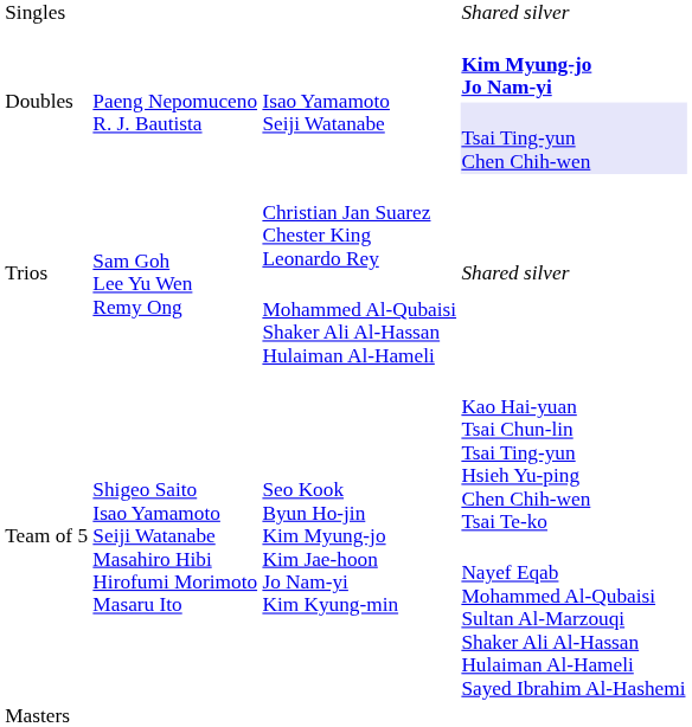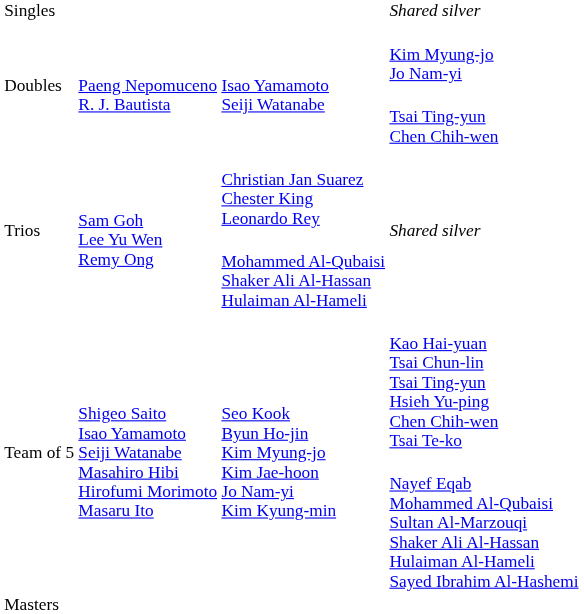 <table>
 <tr>
 <td rowspan=2>Singles<br></td>
 <td rowspan=2></td>
 <td></td>
 <td rowspan=2><em>Shared silver</em></td>
 </tr>
 <tr>
 <td></td>
 </tr>
 <tr>
 <td rowspan=2>Doubles<br></td>
 <td rowspan=2><br><a href='#'>Paeng Nepomuceno</a><br><a href='#'>R. J. Bautista</a></td>
 <td rowspan=2><br><a href='#'>Isao Yamamoto</a><br><a href='#'>Seiji Watanabe</a></td>
-<td><strong><br><a href='#'>Kim Myung-jo</a><br><a href='#'>Jo Nam-yi</a></strong></td>
+<td><br><a href='#'>Kim Myung-jo</a><br><a href='#'>Jo Nam-yi</a></td>
 </tr>
 <tr>
-<td style="background: lavender;"><br><a href='#'>Tsai Ting-yun</a><br><a href='#'>Chen Chih-wen</a></td>
+<td><br><a href='#'>Tsai Ting-yun</a><br><a href='#'>Chen Chih-wen</a></td>
 </tr>
 <tr>
 <td rowspan=2>Trios<br></td>
 <td rowspan=2><br><a href='#'>Sam Goh</a><br><a href='#'>Lee Yu Wen</a><br><a href='#'>Remy Ong</a></td>
 <td><br><a href='#'>Christian Jan Suarez</a><br><a href='#'>Chester King</a><br><a href='#'>Leonardo Rey</a></td>
 <td rowspan=2><em>Shared silver</em></td>
 </tr>
 <tr>
 <td><br><a href='#'>Mohammed Al-Qubaisi</a><br><a href='#'>Shaker Ali Al-Hassan</a><br><a href='#'>Hulaiman Al-Hameli</a></td>
 </tr>
 <tr>
 <td rowspan=2>Team of 5<br></td>
 <td rowspan=2><br><a href='#'>Shigeo Saito</a><br><a href='#'>Isao Yamamoto</a><br><a href='#'>Seiji Watanabe</a><br><a href='#'>Masahiro Hibi</a><br><a href='#'>Hirofumi Morimoto</a><br><a href='#'>Masaru Ito</a></td>
 <td rowspan=2><br><a href='#'>Seo Kook</a><br><a href='#'>Byun Ho-jin</a><br><a href='#'>Kim Myung-jo</a><br><a href='#'>Kim Jae-hoon</a><br><a href='#'>Jo Nam-yi</a><br><a href='#'>Kim Kyung-min</a></td>
 <td><br><a href='#'>Kao Hai-yuan</a><br><a href='#'>Tsai Chun-lin</a><br><a href='#'>Tsai Ting-yun</a><br><a href='#'>Hsieh Yu-ping</a><br><a href='#'>Chen Chih-wen</a><br><a href='#'>Tsai Te-ko</a></td>
 </tr>
 <tr>
 <td><br><a href='#'>Nayef Eqab</a><br><a href='#'>Mohammed Al-Qubaisi</a><br><a href='#'>Sultan Al-Marzouqi</a><br><a href='#'>Shaker Ali Al-Hassan</a><br><a href='#'>Hulaiman Al-Hameli</a><br><a href='#'>Sayed Ibrahim Al-Hashemi</a></td>
 </tr>
 <tr>
 <td>Masters<br></td>
 <td></td>
 <td></td>
 <td></td>
 </tr>
 </table>
